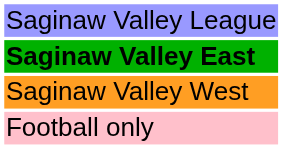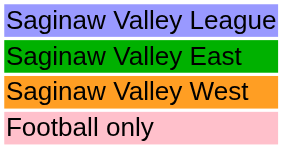 <table>
 <tr>
 <td bgcolor="#9999ff">Saginaw Valley League</td>
 </tr>
 <tr>
-<td bgcolor="#00b100"><strong>Saginaw Valley East</strong></td>
+<td bgcolor="#00b100">Saginaw Valley East</td>
 </tr>
 <tr>
 <td bgcolor="#ff9e23">Saginaw Valley West</td>
 </tr>
 <tr>
 <td bgcolor=pink>Football only</td>
 </tr>
 </table>
